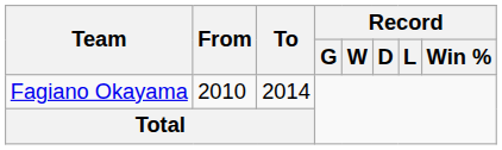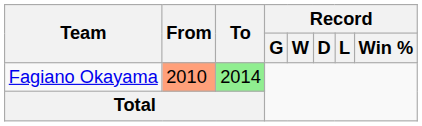 <table class="wikitable" style="text-align: center">
 <tr>
 <th rowspan="2">Team</th>
 <th rowspan="2">From</th>
 <th rowspan="2">To</th>
 <th colspan="5">Record</th>
 </tr>
 <tr>
 <th>G</th>
 <th>W</th>
 <th>D</th>
 <th>L</th>
 <th>Win %</th>
 </tr>
 <tr>
 <td align="left"><a href='#'>Fagiano Okayama</a></td>
-<td align="left">2010</td>
-<td align="left">2014<br></td>
+<td align="left" style="background: lightsalmon;">2010</td>
+<td align="left" style="background: lightgreen;">2014<br></td>
 </tr>
 <tr>
 <th colspan="3">Total<br></th>
 </tr>
 </table>
